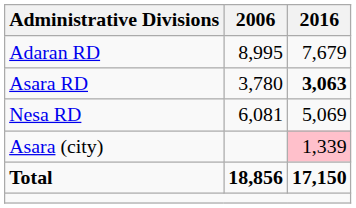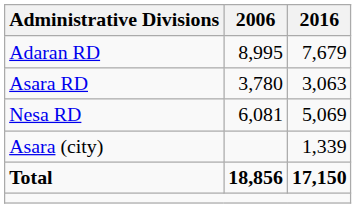 <table class="wikitable">
 <tr>
 <th>Administrative Divisions</th>
 <th>2006</th>
 <th>2016</th>
 </tr>
 <tr>
 <td><a href='#'>Adaran RD</a></td>
 <td style="text-align: right;">8,995</td>
 <td style="text-align: right;">7,679</td>
 </tr>
 <tr>
 <td><a href='#'>Asara RD</a></td>
 <td style="text-align: right;">3,780</td>
-<td style="text-align: right;"><strong>3,063</strong></td>
+<td style="text-align: right;">3,063</td>
 </tr>
 <tr>
 <td><a href='#'>Nesa RD</a></td>
 <td style="text-align: right;">6,081</td>
 <td style="text-align: right;">5,069</td>
 </tr>
 <tr>
 <td><a href='#'>Asara</a> (city)</td>
 <td style="text-align: right;"></td>
-<td style="background: pink; text-align: right;">1,339</td>
+<td style="text-align: right;">1,339</td>
 </tr>
 <tr>
 <td><strong>Total</strong></td>
 <td style="text-align: right;"><strong>18,856</strong></td>
 <td style="text-align: right;"><strong>17,150</strong></td>
 </tr>
 <tr>
 <td colspan=4></td>
 </tr>
 </table>
